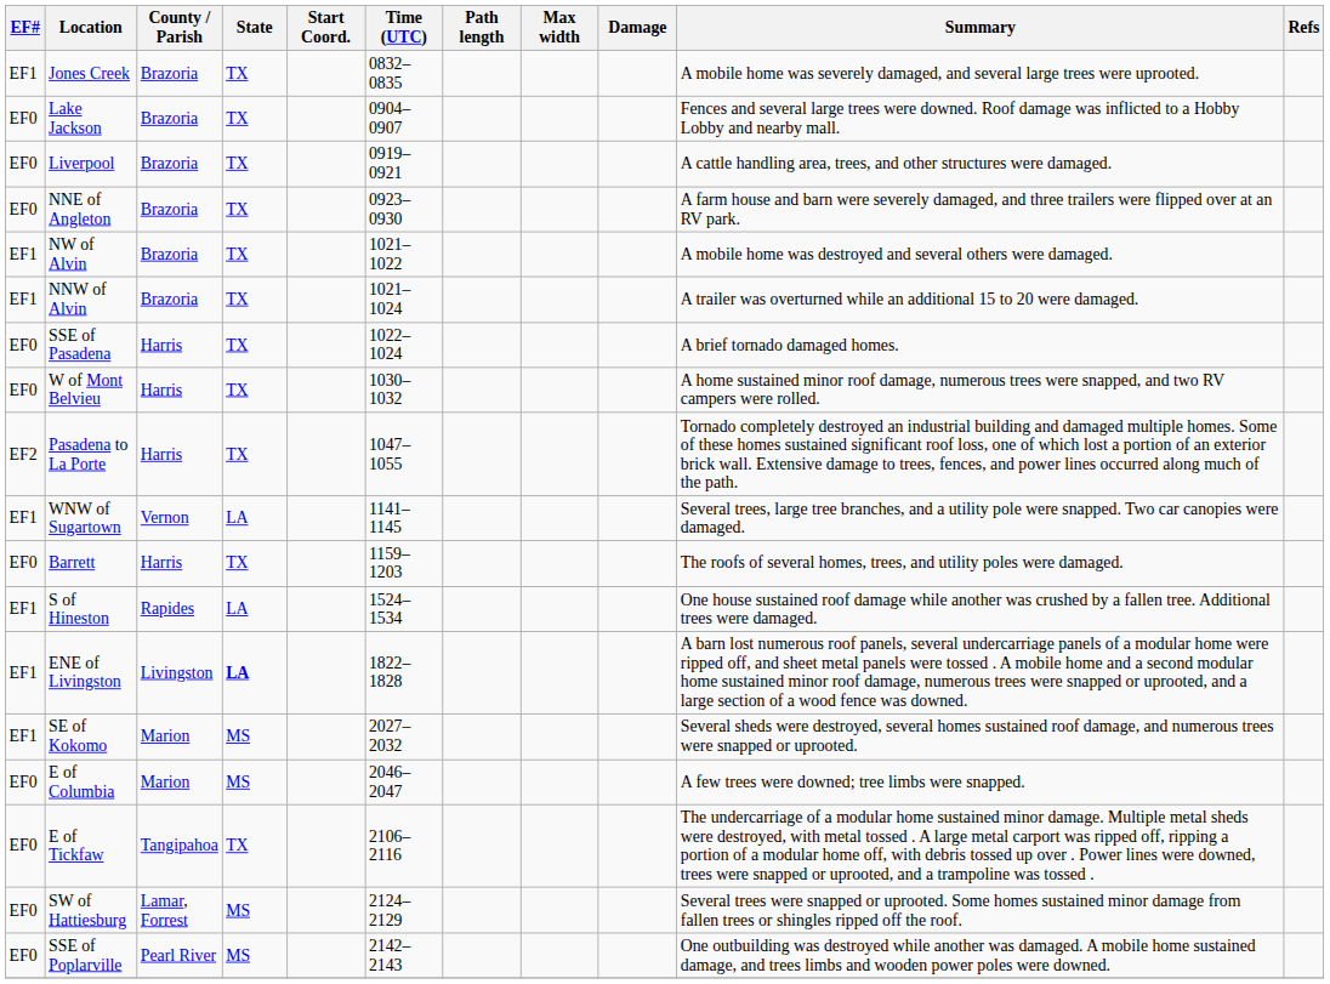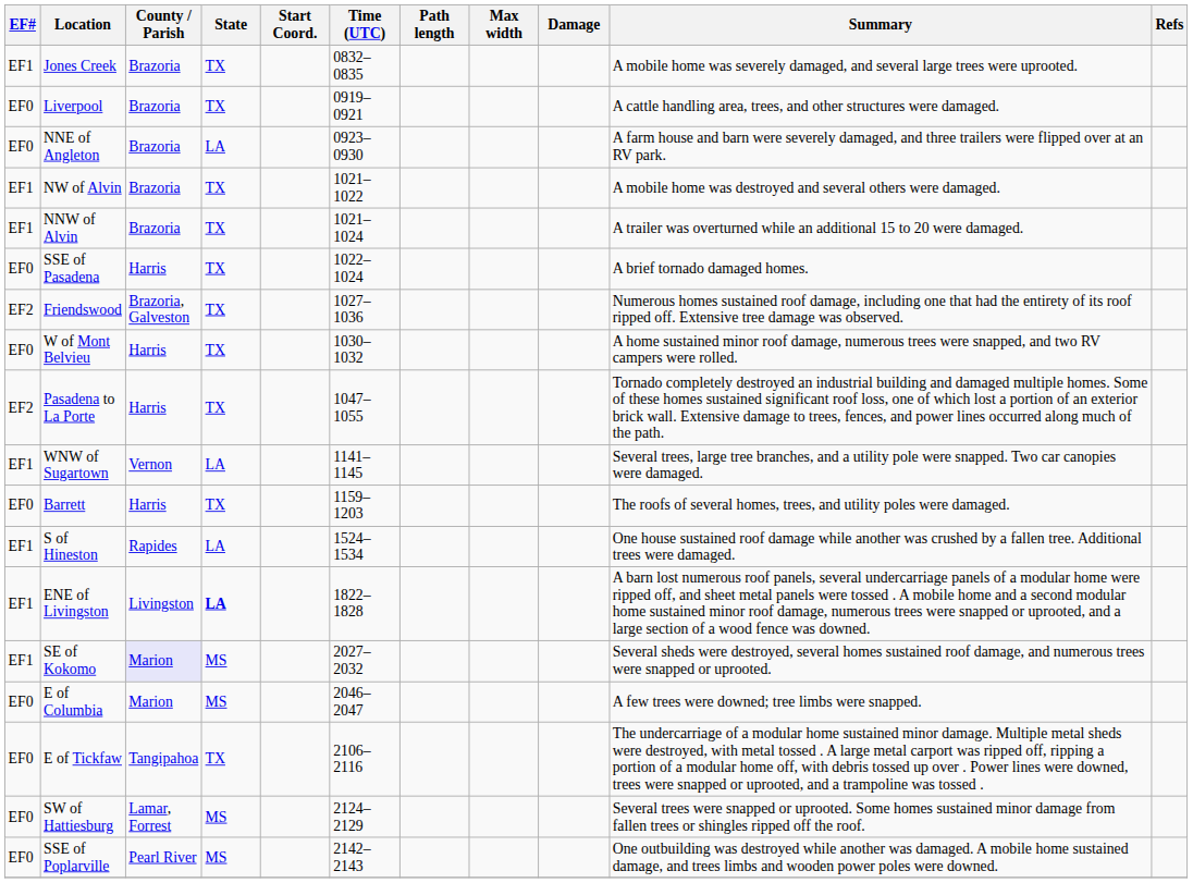 <table class="wikitable sortable" style="width:100%;">
 <tr>
 <th scope="col" width="3%" align="center"><a href='#'>EF#</a></th>
 <th scope="col" width="7%" align="center" class="unsortable">Location</th>
 <th scope="col" width="6%" align="center" class="unsortable">County / Parish</th>
 <th scope="col" width="5%" align="center">State</th>
 <th scope="col" width="6%" align="center">Start Coord.</th>
 <th scope="col" width="6%" align="center">Time (<a href='#'>UTC</a>)</th>
 <th scope="col" width="6%" align="center">Path length</th>
 <th scope="col" width="6%" align="center">Max width</th>
 <th scope="col" width="6%" align="center">Damage</th>
 <th scope="col" width="48%" class="unsortable" align="center">Summary</th>
 <th scope="col" width="48%" class="unsortable" align="center">Refs</th>
 </tr>
 <tr>
 <td>EF1</td>
 <td><a href='#'>Jones Creek</a></td>
 <td><a href='#'>Brazoria</a></td>
 <td><a href='#'>TX</a></td>
 <td></td>
 <td>0832–0835</td>
 <td></td>
 <td></td>
 <td></td>
 <td>A mobile home was severely damaged, and several large trees were uprooted.</td>
 <td></td>
 </tr>
 <tr>
 <td>EF0</td>
-<td><a href='#'>Lake Jackson</a></td>
-<td><a href='#'>Brazoria</a></td>
-<td><a href='#'>TX</a></td>
-<td></td>
-<td>0904–0907</td>
-<td></td>
-<td></td>
-<td></td>
-<td>Fences and several large trees were downed. Roof damage was inflicted to a Hobby Lobby and nearby mall.</td>
-<td></td>
-</tr>
-<tr>
-<td>EF0</td>
 <td><a href='#'>Liverpool</a></td>
 <td><a href='#'>Brazoria</a></td>
 <td><a href='#'>TX</a></td>
 <td></td>
 <td>0919–0921</td>
 <td></td>
 <td></td>
 <td></td>
 <td>A cattle handling area, trees, and other structures were damaged.</td>
 <td></td>
 </tr>
 <tr>
 <td>EF0</td>
 <td>NNE of <a href='#'>Angleton</a></td>
 <td><a href='#'>Brazoria</a></td>
-<td><a href='#'>TX</a></td>
+<td><a href='#'>LA</a></td>
 <td></td>
 <td>0923–0930</td>
 <td></td>
 <td></td>
 <td></td>
 <td>A farm house and barn were severely damaged, and three trailers were flipped over at an RV park.</td>
 <td></td>
 </tr>
 <tr>
 <td>EF1</td>
 <td>NW of <a href='#'>Alvin</a></td>
 <td><a href='#'>Brazoria</a></td>
 <td><a href='#'>TX</a></td>
 <td></td>
 <td>1021–1022</td>
 <td></td>
 <td></td>
 <td></td>
 <td>A mobile home was destroyed and several others were damaged.</td>
 <td></td>
 </tr>
 <tr>
 <td>EF1</td>
 <td>NNW of <a href='#'>Alvin</a></td>
 <td><a href='#'>Brazoria</a></td>
 <td><a href='#'>TX</a></td>
 <td></td>
 <td>1021–1024</td>
 <td></td>
 <td></td>
 <td></td>
 <td>A trailer was overturned while an additional 15 to 20 were damaged.</td>
 <td></td>
 </tr>
 <tr>
 <td>EF0</td>
 <td>SSE of <a href='#'>Pasadena</a></td>
 <td><a href='#'>Harris</a></td>
 <td><a href='#'>TX</a></td>
 <td></td>
 <td>1022–1024</td>
 <td></td>
 <td></td>
 <td></td>
 <td>A brief tornado damaged homes.</td>
+<td></td>
+</tr>
+<tr>
+<td>EF2</td>
+<td><a href='#'>Friendswood</a></td>
+<td><a href='#'>Brazoria</a>, <a href='#'>Galveston</a></td>
+<td><a href='#'>TX</a></td>
+<td></td>
+<td>1027–1036</td>
+<td></td>
+<td></td>
+<td></td>
+<td>Numerous homes sustained roof damage, including one that had the entirety of its roof ripped off. Extensive tree damage was observed.</td>
 <td></td>
 </tr>
 <tr>
 <td>EF0</td>
 <td>W of <a href='#'>Mont Belvieu</a></td>
 <td><a href='#'>Harris</a></td>
 <td><a href='#'>TX</a></td>
 <td></td>
 <td>1030–1032</td>
 <td></td>
 <td></td>
 <td></td>
 <td>A home sustained minor roof damage, numerous trees were snapped, and two RV campers were rolled.</td>
 <td></td>
 </tr>
 <tr>
 <td>EF2</td>
 <td><a href='#'>Pasadena</a> to <a href='#'>La Porte</a></td>
 <td><a href='#'>Harris</a></td>
 <td><a href='#'>TX</a></td>
 <td></td>
 <td>1047–1055</td>
 <td></td>
 <td></td>
 <td></td>
 <td>Tornado completely destroyed an industrial building and damaged multiple homes. Some of these homes sustained significant roof loss, one of which lost a portion of an exterior brick wall. Extensive damage to trees, fences, and power lines occurred along much of the path.</td>
 <td></td>
 </tr>
 <tr>
 <td>EF1</td>
 <td>WNW of <a href='#'>Sugartown</a></td>
 <td><a href='#'>Vernon</a></td>
 <td><a href='#'>LA</a></td>
 <td></td>
 <td>1141–1145</td>
 <td></td>
 <td></td>
 <td></td>
 <td>Several trees, large tree branches, and a utility pole were snapped. Two car canopies were damaged.</td>
 <td></td>
 </tr>
 <tr>
 <td>EF0</td>
 <td><a href='#'>Barrett</a></td>
 <td><a href='#'>Harris</a></td>
 <td><a href='#'>TX</a></td>
 <td></td>
 <td>1159–1203</td>
 <td></td>
 <td></td>
 <td></td>
 <td>The roofs of several homes, trees, and utility poles were damaged.</td>
 <td></td>
 </tr>
 <tr>
 <td>EF1</td>
 <td>S of <a href='#'>Hineston</a></td>
 <td><a href='#'>Rapides</a></td>
 <td><a href='#'>LA</a></td>
 <td></td>
 <td>1524–1534</td>
 <td></td>
 <td></td>
 <td></td>
 <td>One house sustained roof damage while another was crushed by a fallen tree. Additional trees were damaged.</td>
 <td></td>
 </tr>
 <tr>
 <td>EF1</td>
 <td>ENE of <a href='#'>Livingston</a></td>
 <td><a href='#'>Livingston</a></td>
 <td><strong><a href='#'>LA</a></strong></td>
 <td></td>
 <td>1822–1828</td>
 <td></td>
 <td></td>
 <td></td>
 <td>A barn lost numerous roof panels, several undercarriage panels of a modular home were ripped off, and sheet metal panels were tossed . A mobile home and a second modular home sustained minor roof damage, numerous trees were snapped or uprooted, and a large section of a wood fence was downed.</td>
 <td></td>
 </tr>
 <tr>
 <td>EF1</td>
 <td>SE of <a href='#'>Kokomo</a></td>
-<td><a href='#'>Marion</a></td>
+<td style="background: lavender;"><a href='#'>Marion</a></td>
 <td><a href='#'>MS</a></td>
 <td></td>
 <td>2027–2032</td>
 <td></td>
 <td></td>
 <td></td>
 <td>Several sheds were destroyed, several homes sustained roof damage, and numerous trees were snapped or uprooted.</td>
 <td></td>
 </tr>
 <tr>
 <td>EF0</td>
 <td>E of <a href='#'>Columbia</a></td>
 <td><a href='#'>Marion</a></td>
 <td><a href='#'>MS</a></td>
 <td></td>
 <td>2046–2047</td>
 <td></td>
 <td></td>
 <td></td>
 <td>A few trees were downed; tree limbs were snapped.</td>
 <td></td>
 </tr>
 <tr>
 <td>EF0</td>
 <td>E of <a href='#'>Tickfaw</a></td>
 <td><a href='#'>Tangipahoa</a></td>
 <td><a href='#'>TX</a></td>
 <td></td>
 <td>2106–2116</td>
 <td></td>
 <td></td>
 <td></td>
 <td>The undercarriage of a modular home sustained minor damage. Multiple metal sheds were destroyed, with metal tossed . A large metal carport was ripped off, ripping a portion of a modular home off, with debris tossed up over . Power lines were downed, trees were snapped or uprooted, and a trampoline was tossed .</td>
 <td></td>
 </tr>
 <tr>
 <td>EF0</td>
 <td>SW of <a href='#'>Hattiesburg</a></td>
 <td><a href='#'>Lamar</a>, <a href='#'>Forrest</a></td>
 <td><a href='#'>MS</a></td>
 <td></td>
 <td>2124–2129</td>
 <td></td>
 <td></td>
 <td></td>
 <td>Several trees were snapped or uprooted. Some homes sustained minor damage from fallen trees or shingles ripped off the roof.</td>
 <td></td>
 </tr>
 <tr>
 <td>EF0</td>
 <td>SSE of <a href='#'>Poplarville</a></td>
 <td><a href='#'>Pearl River</a></td>
 <td><a href='#'>MS</a></td>
 <td></td>
 <td>2142–2143</td>
 <td></td>
 <td></td>
 <td></td>
 <td>One outbuilding was destroyed while another was damaged. A mobile home sustained damage, and trees limbs and wooden power poles were downed.</td>
 <td></td>
 </tr>
 <tr>
 </tr>
 </table>
